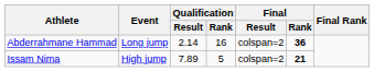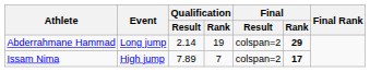 <table class="wikitable" style="font-size:90%">
 <tr>
 <th rowspan="2">Athlete</th>
 <th rowspan="2">Event</th>
 <th colspan="2">Qualification</th>
 <th colspan="2">Final</th>
 <th colspan="2" rowspan="2">Final Rank</th>
 </tr>
 <tr style="font-size:95%">
 <th>Result</th>
 <th>Rank</th>
 <th>Result</th>
 <th>Rank</th>
 </tr>
 <tr align=center>
 <td align=left><a href='#'>Abderrahmane Hammad</a></td>
 <td align=left><a href='#'>Long jump</a></td>
 <td>2.14</td>
-<td>16</td>
+<td>19</td>
 <td>colspan=2 </td>
-<td><strong>36</strong></td>
+<td><strong>29</strong></td>
 </tr>
 <tr align=center>
 <td align=left><a href='#'>Issam Nima</a></td>
 <td align=left><a href='#'>High jump</a></td>
 <td>7.89</td>
-<td>5</td>
+<td>7</td>
 <td>colspan=2 </td>
-<td><strong>21</strong></td>
+<td><strong>17</strong></td>
 </tr>
 </table>
